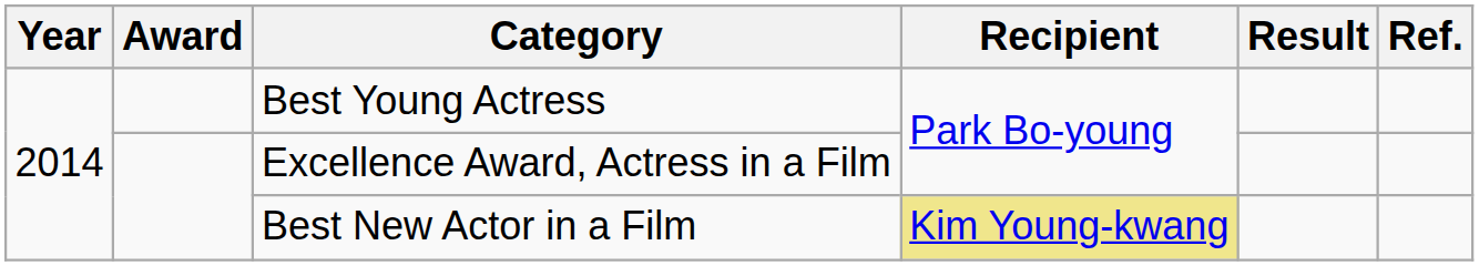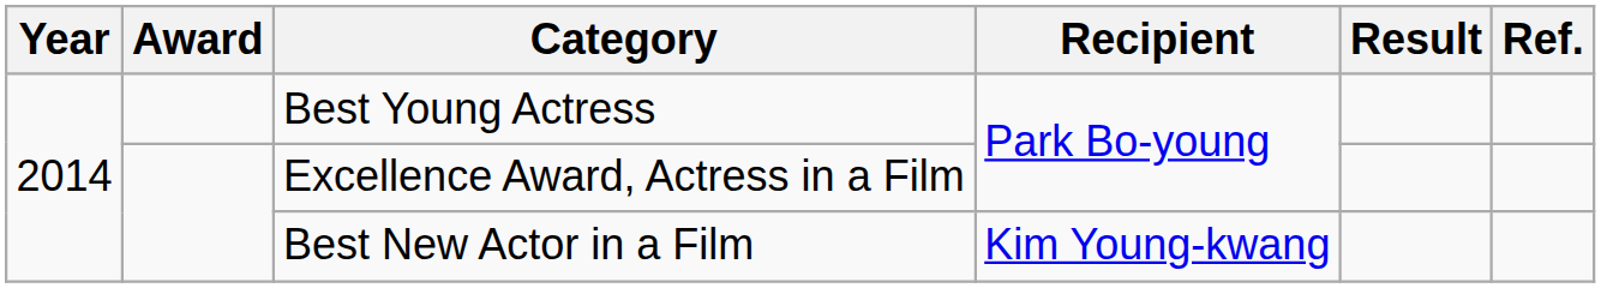 <table class="wikitable">
 <tr>
 <th>Year</th>
 <th>Award</th>
 <th>Category</th>
 <th>Recipient</th>
 <th>Result</th>
 <th>Ref.</th>
 </tr>
 <tr>
 <td rowspan="3">2014</td>
 <td></td>
 <td>Best Young Actress</td>
 <td rowspan="2"><a href='#'>Park Bo-young</a></td>
 <td></td>
 <td></td>
 </tr>
 <tr>
 <td rowspan="2"></td>
 <td>Excellence Award, Actress in a Film</td>
 <td></td>
 <td></td>
 </tr>
 <tr>
 <td>Best New Actor in a Film</td>
-<td style="background: khaki;"><a href='#'>Kim Young-kwang</a></td>
+<td><a href='#'>Kim Young-kwang</a></td>
 <td></td>
 <td></td>
 </tr>
 </table>
